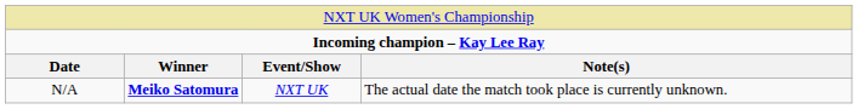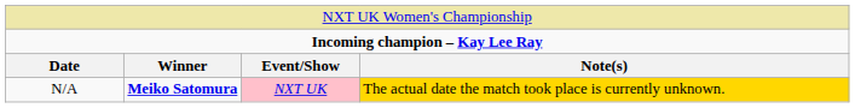 <table class="wikitable" style="text-align:center; width:100%;">
 <tr style="background:#EEE8AA;">
 <td colspan="4" style="text-align: center;"><a href='#'>NXT UK Women's Championship</a></td>
 </tr>
 <tr>
 <td colspan="4" style="text-align: center;"><strong>Incoming champion – <a href='#'>Kay Lee Ray</a></strong></td>
 </tr>
 <tr>
 <th width=14%>Date</th>
 <th width=14%>Winner</th>
 <th width=14%>Event/Show</th>
 <th width=58%>Note(s)</th>
 </tr>
 <tr>
 <td>N/A<br></td>
 <td><strong><a href='#'>Meiko Satomura</a></strong></td>
-<td><em><a href='#'>NXT UK</a></em></td>
-<td align=left>The actual date the match took place is currently unknown.</td>
+<td style="background: pink;"><em><a href='#'>NXT UK</a></em></td>
+<td align=left style="background: gold;">The actual date the match took place is currently unknown.</td>
 </tr>
 </table>
